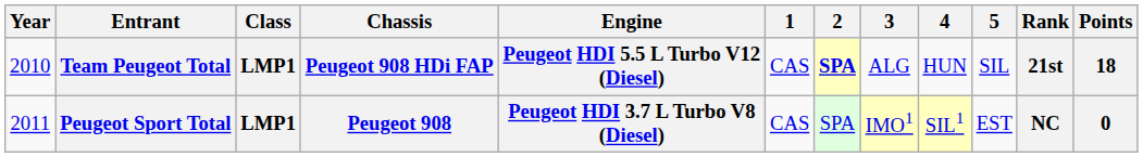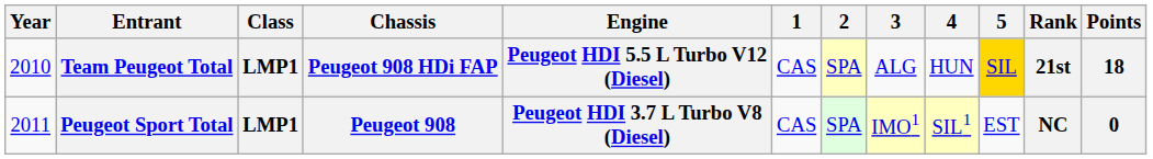 <table class="wikitable" style="text-align:center; font-size:85%">
 <tr>
 <th>Year</th>
 <th>Entrant</th>
 <th>Class</th>
 <th>Chassis</th>
 <th>Engine</th>
 <th>1</th>
 <th>2</th>
 <th>3</th>
 <th>4</th>
 <th>5</th>
 <th>Rank</th>
 <th>Points</th>
 </tr>
 <tr>
 <td><a href='#'>2010</a></td>
 <th nowrap><a href='#'>Team Peugeot Total</a></th>
 <th>LMP1</th>
 <th nowrap><a href='#'>Peugeot 908 HDi FAP</a></th>
 <th nowrap><a href='#'>Peugeot</a> <a href='#'>HDI</a> 5.5 L Turbo V12<br>(<a href='#'>Diesel</a>)</th>
 <td><a href='#'>CAS</a></td>
-<td style="background:#FFFFBF;"><strong><a href='#'>SPA</a><br></strong></td>
+<td style="background:#FFFFBF;"><a href='#'>SPA</a><br></td>
 <td><a href='#'>ALG</a></td>
 <td><a href='#'>HUN</a></td>
-<td><a href='#'>SIL</a></td>
+<td style="background: gold;"><a href='#'>SIL</a></td>
 <th>21st</th>
 <th>18</th>
 </tr>
 <tr>
 <td><a href='#'>2011</a></td>
 <th nowrap><a href='#'>Peugeot Sport Total</a></th>
 <th>LMP1</th>
 <th nowrap><a href='#'>Peugeot 908</a></th>
 <th nowrap><a href='#'>Peugeot</a> <a href='#'>HDI</a> 3.7 L Turbo V8<br>(<a href='#'>Diesel</a>)</th>
 <td><a href='#'>CAS</a></td>
 <td style="background:#DFFFDF;"><a href='#'>SPA</a><br></td>
 <td style="background:#FFFFBF;"><a href='#'>IMO<sup>1</sup></a><br></td>
 <td style="background:#FFFFBF;"><a href='#'>SIL<sup>1</sup></a><br></td>
 <td><a href='#'>EST</a></td>
 <th>NC</th>
 <th>0</th>
 </tr>
 </table>
